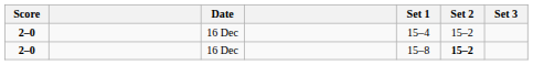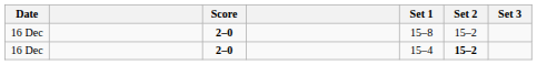 <table class="wikitable" style="text-align: center; font-size:90% ">
 <tr>
+<th width="50">Date</th>
+<th align="right" width="190"></th>
 <th width="50">Score</th>
-<th align="right" width="190"></th>
-<th width="50">Date</th>
 <th align="left" width="190"></th>
 <th width="50">Set 1</th>
 <th width="50">Set 2</th>
 <th width="50">Set 3</th>
 </tr>
 <tr>
+<td>16 Dec</td>
+<td align=right><strong></strong></td>
 <td align=center><strong>2–0</strong></td>
-<td align=right><strong></strong></td>
-<td>16 Dec</td>
 <td align=left></td>
-<td>15–4</td>
+<td>15–8</td>
 <td>15–2</td>
 <td></td>
 </tr>
 <tr>
+<td>16 Dec</td>
+<td align=right><strong></strong></td>
 <td align=center><strong>2–0</strong></td>
-<td align=right><strong></strong></td>
-<td>16 Dec</td>
 <td align=left></td>
-<td>15–8</td>
+<td>15–4</td>
 <td><strong>15–2</strong></td>
 <td></td>
 </tr>
 </table>
